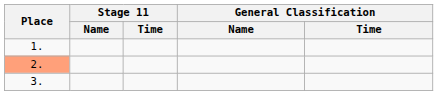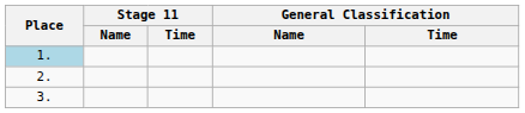 <table class="wikitable"  style="font-size:95%; width:80%;">
 <tr>
 <th rowspan="2">Place</th>
 <th colspan="2">Stage 11</th>
 <th colspan="2">General Classification</th>
 </tr>
 <tr>
 <th>Name</th>
 <th>Time</th>
 <th>Name</th>
 <th>Time</th>
 </tr>
 <tr>
-<td style="text-align:center;">1.</td>
+<td style="background: lightblue; text-align:center;">1.</td>
 <td></td>
 <td></td>
 <td></td>
 <td></td>
 </tr>
 <tr>
-<td style="background: lightsalmon; text-align:center;">2.</td>
+<td style="text-align:center;">2.</td>
 <td></td>
 <td></td>
 <td></td>
 <td></td>
 </tr>
 <tr>
 <td style="text-align:center;">3.</td>
 <td></td>
 <td></td>
 <td></td>
 <td></td>
 </tr>
 </table>
